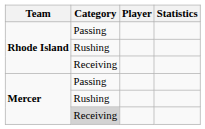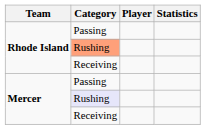 <table class="wikitable" style="float: right;">
 <tr>
 <th>Team</th>
 <th>Category</th>
 <th>Player</th>
 <th>Statistics</th>
 </tr>
 <tr>
 <td rowspan=3><strong>Rhode Island</strong></td>
 <td>Passing</td>
 <td></td>
 <td></td>
 </tr>
 <tr>
-<td>Rushing</td>
+<td style="background: lightsalmon;">Rushing</td>
 <td></td>
 <td></td>
 </tr>
 <tr>
 <td>Receiving</td>
 <td></td>
 <td></td>
 </tr>
 <tr>
 <td rowspan=3><strong>Mercer</strong></td>
 <td>Passing</td>
 <td></td>
 <td></td>
 </tr>
 <tr>
-<td>Rushing</td>
+<td style="background: lavender;">Rushing</td>
 <td></td>
 <td></td>
 </tr>
 <tr>
-<td style="background: lightgrey;">Receiving</td>
+<td>Receiving</td>
 <td></td>
 <td></td>
 </tr>
 </table>
